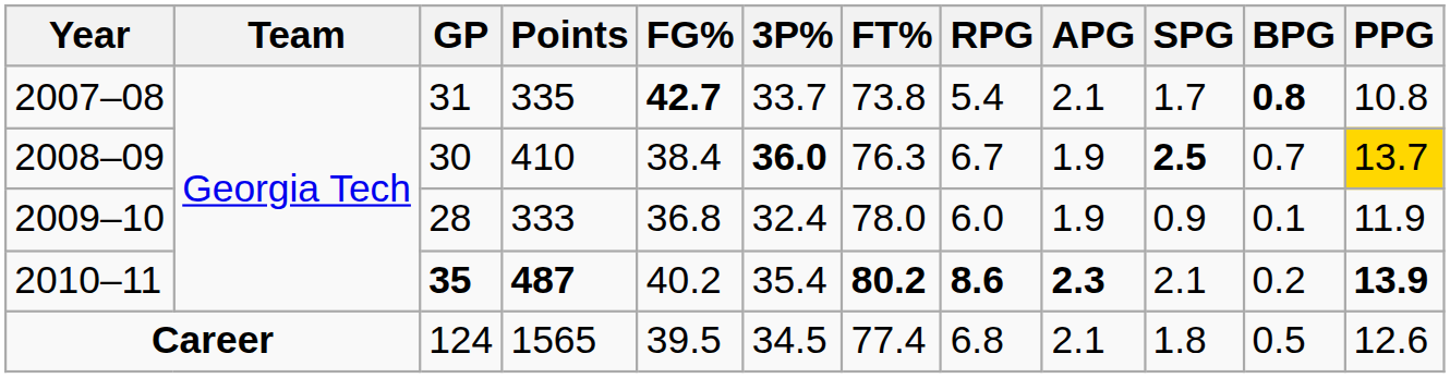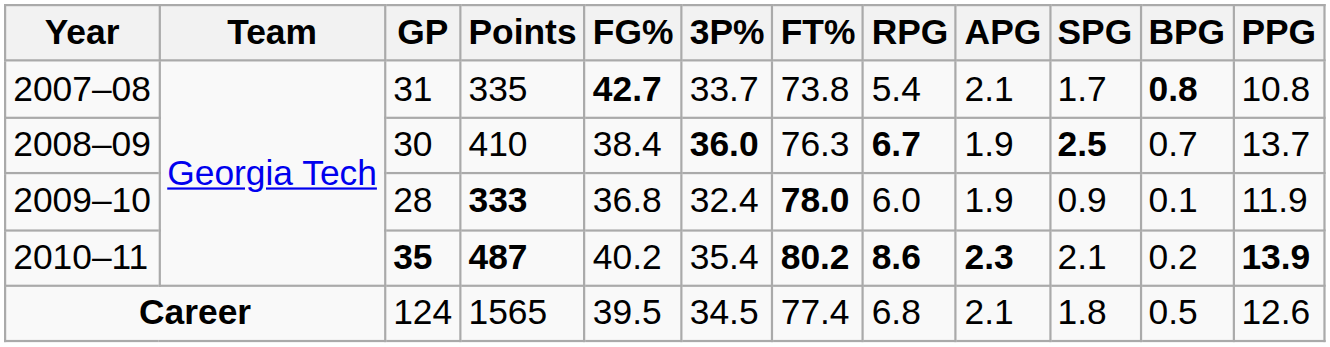 <table class="wikitable sortable">
 <tr>
 <th>Year</th>
 <th>Team</th>
 <th>GP</th>
 <th>Points</th>
 <th>FG%</th>
 <th>3P%</th>
 <th>FT%</th>
 <th>RPG</th>
 <th>APG</th>
 <th>SPG</th>
 <th>BPG</th>
 <th>PPG</th>
 </tr>
 <tr>
 <td>2007–08</td>
 <td rowspan=4><a href='#'>Georgia Tech</a></td>
 <td>31</td>
 <td>335</td>
 <td><strong>42.7</strong></td>
 <td>33.7</td>
 <td>73.8</td>
 <td>5.4</td>
 <td>2.1</td>
 <td>1.7</td>
 <td><strong>0.8</strong></td>
 <td>10.8</td>
 </tr>
 <tr>
 <td>2008–09</td>
 <td>30</td>
 <td>410</td>
 <td>38.4</td>
 <td><strong>36.0</strong></td>
 <td>76.3</td>
-<td>6.7</td>
+<td><strong>6.7</strong></td>
 <td>1.9</td>
 <td><strong>2.5</strong></td>
 <td>0.7</td>
-<td style="background: gold;">13.7</td>
+<td>13.7</td>
 </tr>
 <tr>
 <td>2009–10</td>
 <td>28</td>
-<td>333</td>
+<td><strong>333</strong></td>
 <td>36.8</td>
 <td>32.4</td>
-<td>78.0</td>
+<td><strong>78.0</strong></td>
 <td>6.0</td>
 <td>1.9</td>
 <td>0.9</td>
 <td>0.1</td>
 <td>11.9</td>
 </tr>
 <tr>
 <td>2010–11</td>
 <td><strong>35</strong></td>
 <td><strong>487</strong></td>
 <td>40.2</td>
 <td>35.4</td>
 <td><strong>80.2</strong></td>
 <td><strong>8.6</strong></td>
 <td><strong>2.3</strong></td>
 <td>2.1</td>
 <td>0.2</td>
 <td><strong>13.9</strong></td>
 </tr>
 <tr>
 <td colspan=2 align=center><strong>Career</strong></td>
 <td>124</td>
 <td>1565</td>
 <td>39.5</td>
 <td>34.5</td>
 <td>77.4</td>
 <td>6.8</td>
 <td>2.1</td>
 <td>1.8</td>
 <td>0.5</td>
 <td>12.6</td>
 </tr>
 </table>
